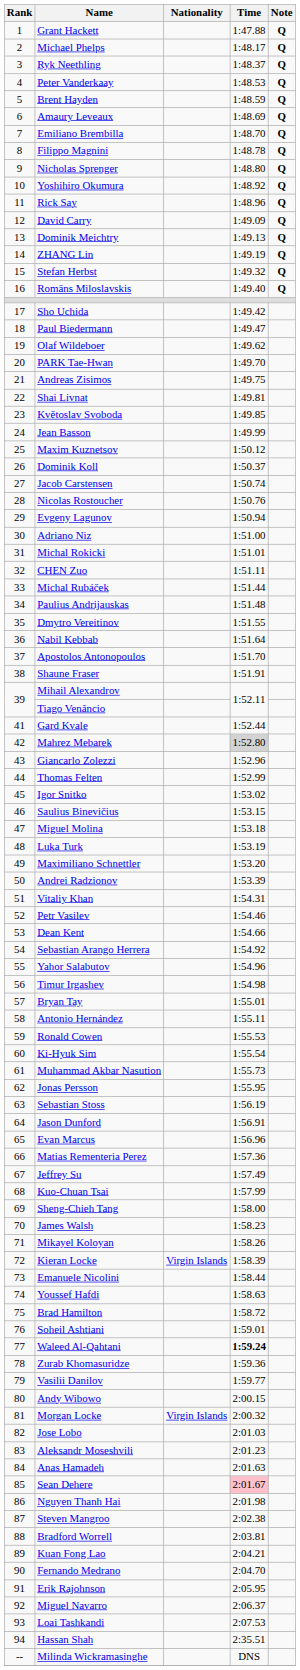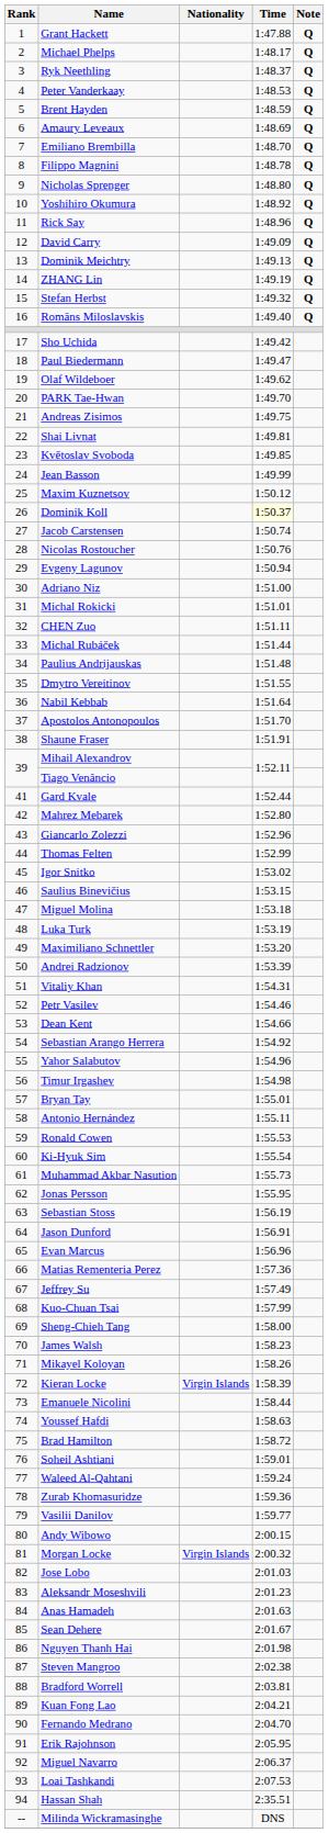 <table class="wikitable" style="text-align:center">
 <tr>
 <th>Rank</th>
 <th>Name</th>
 <th>Nationality</th>
 <th>Time</th>
 <th>Note</th>
 </tr>
 <tr>
 <td>1</td>
 <td align=left><a href='#'>Grant Hackett</a></td>
 <td align=left></td>
 <td>1:47.88</td>
 <td><strong>Q</strong></td>
 </tr>
 <tr>
 <td>2</td>
 <td align=left><a href='#'>Michael Phelps</a></td>
 <td align=left></td>
 <td>1:48.17</td>
 <td><strong>Q</strong></td>
 </tr>
 <tr>
 <td>3</td>
 <td align=left><a href='#'>Ryk Neethling</a></td>
 <td align=left></td>
 <td>1:48.37</td>
 <td><strong>Q</strong></td>
 </tr>
 <tr>
 <td>4</td>
 <td align=left><a href='#'>Peter Vanderkaay</a></td>
 <td align=left></td>
 <td>1:48.53</td>
 <td><strong>Q</strong></td>
 </tr>
 <tr>
 <td>5</td>
 <td align=left><a href='#'>Brent Hayden</a></td>
 <td align=left></td>
 <td>1:48.59</td>
 <td><strong>Q</strong></td>
 </tr>
 <tr>
 <td>6</td>
 <td align=left><a href='#'>Amaury Leveaux</a></td>
 <td align=left></td>
 <td>1:48.69</td>
 <td><strong>Q</strong></td>
 </tr>
 <tr>
 <td>7</td>
 <td align=left><a href='#'>Emiliano Brembilla</a></td>
 <td align=left></td>
 <td>1:48.70</td>
 <td><strong>Q</strong></td>
 </tr>
 <tr>
 <td>8</td>
 <td align=left><a href='#'>Filippo Magnini</a></td>
 <td align=left></td>
 <td>1:48.78</td>
 <td><strong>Q</strong></td>
 </tr>
 <tr>
 <td>9</td>
 <td align=left><a href='#'>Nicholas Sprenger</a></td>
 <td align=left></td>
 <td>1:48.80</td>
 <td><strong>Q</strong></td>
 </tr>
 <tr>
 <td>10</td>
 <td align=left><a href='#'>Yoshihiro Okumura</a></td>
 <td align=left></td>
 <td>1:48.92</td>
 <td><strong>Q</strong></td>
 </tr>
 <tr>
 <td>11</td>
 <td align=left><a href='#'>Rick Say</a></td>
 <td align=left></td>
 <td>1:48.96</td>
 <td><strong>Q</strong></td>
 </tr>
 <tr>
 <td>12</td>
 <td align=left><a href='#'>David Carry</a></td>
 <td align=left></td>
 <td>1:49.09</td>
 <td><strong>Q</strong></td>
 </tr>
 <tr>
 <td>13</td>
 <td align=left><a href='#'>Dominik Meichtry</a></td>
 <td align=left></td>
 <td>1:49.13</td>
 <td><strong>Q</strong></td>
 </tr>
 <tr>
 <td>14</td>
 <td align=left><a href='#'>ZHANG Lin</a></td>
 <td align=left></td>
 <td>1:49.19</td>
 <td><strong>Q</strong></td>
 </tr>
 <tr>
 <td>15</td>
 <td align=left><a href='#'>Stefan Herbst</a></td>
 <td align=left></td>
 <td>1:49.32</td>
 <td><strong>Q</strong></td>
 </tr>
 <tr>
 <td>16</td>
 <td align=left><a href='#'>Romāns Miloslavskis</a></td>
 <td align=left></td>
 <td>1:49.40</td>
 <td><strong>Q</strong></td>
 </tr>
 <tr bgcolor=#DDDDDD>
 <td colspan=5></td>
 </tr>
 <tr>
 <td>17</td>
 <td align=left><a href='#'>Sho Uchida</a></td>
 <td align=left></td>
 <td>1:49.42</td>
 <td></td>
 </tr>
 <tr>
 <td>18</td>
 <td align=left><a href='#'>Paul Biedermann</a></td>
 <td align=left></td>
 <td>1:49.47</td>
 <td></td>
 </tr>
 <tr>
 <td>19</td>
 <td align=left><a href='#'>Olaf Wildeboer</a></td>
 <td align=left></td>
 <td>1:49.62</td>
 <td></td>
 </tr>
 <tr>
 <td>20</td>
 <td align=left><a href='#'>PARK Tae-Hwan</a></td>
 <td align=left></td>
 <td>1:49.70</td>
 <td></td>
 </tr>
 <tr>
 <td>21</td>
 <td align=left><a href='#'>Andreas Zisimos</a></td>
 <td align=left></td>
 <td>1:49.75</td>
 <td></td>
 </tr>
 <tr>
 <td>22</td>
 <td align=left><a href='#'>Shai Livnat</a></td>
 <td align=left></td>
 <td>1:49.81</td>
 <td></td>
 </tr>
 <tr>
 <td>23</td>
 <td align=left><a href='#'>Květoslav Svoboda</a></td>
 <td align=left></td>
 <td>1:49.85</td>
 <td></td>
 </tr>
 <tr>
 <td>24</td>
 <td align=left><a href='#'>Jean Basson</a></td>
 <td align=left></td>
 <td>1:49.99</td>
 <td></td>
 </tr>
 <tr>
 <td>25</td>
 <td align=left><a href='#'>Maxim Kuznetsov</a></td>
 <td align=left></td>
 <td>1:50.12</td>
 <td></td>
 </tr>
 <tr>
 <td>26</td>
 <td align=left><a href='#'>Dominik Koll</a></td>
 <td align=left></td>
-<td>1:50.37</td>
+<td style="background: lightyellow;">1:50.37</td>
 <td></td>
 </tr>
 <tr>
 <td>27</td>
 <td align=left><a href='#'>Jacob Carstensen</a></td>
 <td align=left></td>
 <td>1:50.74</td>
 <td></td>
 </tr>
 <tr>
 <td>28</td>
 <td align=left><a href='#'>Nicolas Rostoucher</a></td>
 <td align=left></td>
 <td>1:50.76</td>
 <td></td>
 </tr>
 <tr>
 <td>29</td>
 <td align=left><a href='#'>Evgeny Lagunov</a></td>
 <td align=left></td>
 <td>1:50.94</td>
 <td></td>
 </tr>
 <tr>
 <td>30</td>
 <td align=left><a href='#'>Adriano Niz</a></td>
 <td align=left></td>
 <td>1:51.00</td>
 <td></td>
 </tr>
 <tr>
 <td>31</td>
 <td align=left><a href='#'>Michal Rokicki</a></td>
 <td align=left></td>
 <td>1:51.01</td>
 <td></td>
 </tr>
 <tr>
 <td>32</td>
 <td align=left><a href='#'>CHEN Zuo</a></td>
 <td align=left></td>
 <td>1:51.11</td>
 <td></td>
 </tr>
 <tr>
 <td>33</td>
 <td align=left><a href='#'>Michal Rubáček</a></td>
 <td align=left></td>
 <td>1:51.44</td>
 <td></td>
 </tr>
 <tr>
 <td>34</td>
 <td align=left><a href='#'>Paulius Andrijauskas</a></td>
 <td align=left></td>
 <td>1:51.48</td>
 <td></td>
 </tr>
 <tr>
 <td>35</td>
 <td align=left><a href='#'>Dmytro Vereitinov</a></td>
 <td align=left></td>
 <td>1:51.55</td>
 <td></td>
 </tr>
 <tr>
 <td>36</td>
 <td align=left><a href='#'>Nabil Kebbab</a></td>
 <td align=left></td>
 <td>1:51.64</td>
 <td></td>
 </tr>
 <tr>
 <td>37</td>
 <td align=left><a href='#'>Apostolos Antonopoulos</a></td>
 <td align=left></td>
 <td>1:51.70</td>
 <td></td>
 </tr>
 <tr>
 <td>38</td>
 <td align=left><a href='#'>Shaune Fraser</a></td>
 <td align=left></td>
 <td>1:51.91</td>
 <td></td>
 </tr>
 <tr>
 <td rowspan=2>39</td>
 <td align=left><a href='#'>Mihail Alexandrov</a></td>
 <td align=left></td>
 <td rowspan=2>1:52.11</td>
 <td></td>
 </tr>
 <tr>
 <td align=left><a href='#'>Tiago Venâncio</a></td>
 <td align=left></td>
 <td></td>
 </tr>
 <tr>
 <td>41</td>
 <td align=left><a href='#'>Gard Kvale</a></td>
 <td align=left></td>
 <td>1:52.44</td>
 <td></td>
 </tr>
 <tr>
 <td>42</td>
 <td align=left><a href='#'>Mahrez Mebarek</a></td>
 <td align=left></td>
-<td style="background: lightgrey;">1:52.80</td>
+<td>1:52.80</td>
 <td></td>
 </tr>
 <tr>
 <td>43</td>
 <td align=left><a href='#'>Giancarlo Zolezzi</a></td>
 <td align=left></td>
 <td>1:52.96</td>
 <td></td>
 </tr>
 <tr>
 <td>44</td>
 <td align=left><a href='#'>Thomas Felten</a></td>
 <td align=left></td>
 <td>1:52.99</td>
 <td></td>
 </tr>
 <tr>
 <td>45</td>
 <td align=left><a href='#'>Igor Snitko</a></td>
 <td align=left></td>
 <td>1:53.02</td>
 <td></td>
 </tr>
 <tr>
 <td>46</td>
 <td align=left><a href='#'>Saulius Binevičius</a></td>
 <td align=left></td>
 <td>1:53.15</td>
 <td></td>
 </tr>
 <tr>
 <td>47</td>
 <td align=left><a href='#'>Miguel Molina</a></td>
 <td align=left></td>
 <td>1:53.18</td>
 <td></td>
 </tr>
 <tr>
 <td>48</td>
 <td align=left><a href='#'>Luka Turk</a></td>
 <td align=left></td>
 <td>1:53.19</td>
 <td></td>
 </tr>
 <tr>
 <td>49</td>
 <td align=left><a href='#'>Maximiliano Schnettler</a></td>
 <td align=left></td>
 <td>1:53.20</td>
 <td></td>
 </tr>
 <tr>
 <td>50</td>
 <td align=left><a href='#'>Andrei Radzionov</a></td>
 <td align=left></td>
 <td>1:53.39</td>
 <td></td>
 </tr>
 <tr>
 <td>51</td>
 <td align=left><a href='#'>Vitaliy Khan</a></td>
 <td align=left></td>
 <td>1:54.31</td>
 <td></td>
 </tr>
 <tr>
 <td>52</td>
 <td align=left><a href='#'>Petr Vasilev</a></td>
 <td align=left></td>
 <td>1:54.46</td>
 <td></td>
 </tr>
 <tr>
 <td>53</td>
 <td align=left><a href='#'>Dean Kent</a></td>
 <td align=left></td>
 <td>1:54.66</td>
 <td></td>
 </tr>
 <tr>
 <td>54</td>
 <td align=left><a href='#'>Sebastian Arango Herrera</a></td>
 <td align=left></td>
 <td>1:54.92</td>
 <td></td>
 </tr>
 <tr>
 <td>55</td>
 <td align=left><a href='#'>Yahor Salabutov</a></td>
 <td align=left></td>
 <td>1:54.96</td>
 <td></td>
 </tr>
 <tr>
 <td>56</td>
 <td align=left><a href='#'>Timur Irgashev</a></td>
 <td align=left></td>
 <td>1:54.98</td>
 <td></td>
 </tr>
 <tr>
 <td>57</td>
 <td align=left><a href='#'>Bryan Tay</a></td>
 <td align=left></td>
 <td>1:55.01</td>
 <td></td>
 </tr>
 <tr>
 <td>58</td>
 <td align=left><a href='#'>Antonio Hernández</a></td>
 <td align=left></td>
 <td>1:55.11</td>
 <td></td>
 </tr>
 <tr>
 <td>59</td>
 <td align=left><a href='#'>Ronald Cowen</a></td>
 <td align=left></td>
 <td>1:55.53</td>
 <td></td>
 </tr>
 <tr>
 <td>60</td>
 <td align=left><a href='#'>Ki-Hyuk Sim</a></td>
 <td align=left></td>
 <td>1:55.54</td>
 <td></td>
 </tr>
 <tr>
 <td>61</td>
 <td align=left><a href='#'>Muhammad Akbar Nasution</a></td>
 <td align=left></td>
 <td>1:55.73</td>
 <td></td>
 </tr>
 <tr>
 <td>62</td>
 <td align=left><a href='#'>Jonas Persson</a></td>
 <td align=left></td>
 <td>1:55.95</td>
 <td></td>
 </tr>
 <tr>
 <td>63</td>
 <td align=left><a href='#'>Sebastian Stoss</a></td>
 <td align=left></td>
 <td>1:56.19</td>
 <td></td>
 </tr>
 <tr>
 <td>64</td>
 <td align=left><a href='#'>Jason Dunford</a></td>
 <td align=left></td>
 <td>1:56.91</td>
 <td></td>
 </tr>
 <tr>
 <td>65</td>
 <td align=left><a href='#'>Evan Marcus</a></td>
 <td align=left></td>
 <td>1:56.96</td>
 <td></td>
 </tr>
 <tr>
 <td>66</td>
 <td align=left><a href='#'>Matias Rementeria Perez</a></td>
 <td align=left></td>
 <td>1:57.36</td>
 <td></td>
 </tr>
 <tr>
 <td>67</td>
 <td align=left><a href='#'>Jeffrey Su</a></td>
 <td align=left></td>
 <td>1:57.49</td>
 <td></td>
 </tr>
 <tr>
 <td>68</td>
 <td align=left><a href='#'>Kuo-Chuan Tsai</a></td>
 <td align=left></td>
 <td>1:57.99</td>
 <td></td>
 </tr>
 <tr>
 <td>69</td>
 <td align=left><a href='#'>Sheng-Chieh Tang</a></td>
 <td align=left></td>
 <td>1:58.00</td>
 <td></td>
 </tr>
 <tr>
 <td>70</td>
 <td align=left><a href='#'>James Walsh</a></td>
 <td align=left></td>
 <td>1:58.23</td>
 <td></td>
 </tr>
 <tr>
 <td>71</td>
 <td align=left><a href='#'>Mikayel Koloyan</a></td>
 <td align=left></td>
 <td>1:58.26</td>
 <td></td>
 </tr>
 <tr>
 <td>72</td>
 <td align=left><a href='#'>Kieran Locke</a></td>
 <td align=left> <a href='#'>Virgin Islands</a></td>
 <td>1:58.39</td>
 <td></td>
 </tr>
 <tr>
 <td>73</td>
 <td align=left><a href='#'>Emanuele Nicolini</a></td>
 <td align=left></td>
 <td>1:58.44</td>
 <td></td>
 </tr>
 <tr>
 <td>74</td>
 <td align=left><a href='#'>Youssef Hafdi</a></td>
 <td align=left></td>
 <td>1:58.63</td>
 <td></td>
 </tr>
 <tr>
 <td>75</td>
 <td align=left><a href='#'>Brad Hamilton</a></td>
 <td align=left></td>
 <td>1:58.72</td>
 <td></td>
 </tr>
 <tr>
 <td>76</td>
 <td align=left><a href='#'>Soheil Ashtiani</a></td>
 <td align=left></td>
 <td>1:59.01</td>
 <td></td>
 </tr>
 <tr>
 <td>77</td>
 <td align=left><a href='#'>Waleed Al-Qahtani</a></td>
 <td align=left></td>
-<td><strong>1:59.24</strong></td>
+<td>1:59.24</td>
 <td></td>
 </tr>
 <tr>
 <td>78</td>
 <td align=left><a href='#'>Zurab Khomasuridze</a></td>
 <td align=left></td>
 <td>1:59.36</td>
 <td></td>
 </tr>
 <tr>
 <td>79</td>
 <td align=left><a href='#'>Vasilii Danilov</a></td>
 <td align=left></td>
 <td>1:59.77</td>
 <td></td>
 </tr>
 <tr>
 <td>80</td>
 <td align=left><a href='#'>Andy Wibowo</a></td>
 <td align=left></td>
 <td>2:00.15</td>
 <td></td>
 </tr>
 <tr>
 <td>81</td>
 <td align=left><a href='#'>Morgan Locke</a></td>
 <td align=left> <a href='#'>Virgin Islands</a></td>
 <td>2:00.32</td>
 <td></td>
 </tr>
 <tr>
 <td>82</td>
 <td align=left><a href='#'>Jose Lobo</a></td>
 <td align=left></td>
 <td>2:01.03</td>
 <td></td>
 </tr>
 <tr>
 <td>83</td>
 <td align=left><a href='#'>Aleksandr Moseshvili</a></td>
 <td align=left></td>
 <td>2:01.23</td>
 <td></td>
 </tr>
 <tr>
 <td>84</td>
 <td align=left><a href='#'>Anas Hamadeh</a></td>
 <td align=left></td>
 <td>2:01.63</td>
 <td></td>
 </tr>
 <tr>
 <td>85</td>
 <td align=left><a href='#'>Sean Dehere</a></td>
 <td align=left></td>
-<td style="background: pink;">2:01.67</td>
+<td>2:01.67</td>
 <td></td>
 </tr>
 <tr>
 <td>86</td>
 <td align=left><a href='#'>Nguyen Thanh Hai</a></td>
 <td align=left></td>
 <td>2:01.98</td>
 <td></td>
 </tr>
 <tr>
 <td>87</td>
 <td align=left><a href='#'>Steven Mangroo</a></td>
 <td align=left></td>
 <td>2:02.38</td>
 <td></td>
 </tr>
 <tr>
 <td>88</td>
 <td align=left><a href='#'>Bradford Worrell</a></td>
 <td align=left></td>
 <td>2:03.81</td>
 <td></td>
 </tr>
 <tr>
 <td>89</td>
 <td align=left><a href='#'>Kuan Fong Lao</a></td>
 <td align=left></td>
 <td>2:04.21</td>
 <td></td>
 </tr>
 <tr>
 <td>90</td>
 <td align=left><a href='#'>Fernando Medrano</a></td>
 <td align=left></td>
 <td>2:04.70</td>
 <td></td>
 </tr>
 <tr>
 <td>91</td>
 <td align=left><a href='#'>Erik Rajohnson</a></td>
 <td align=left></td>
 <td>2:05.95</td>
 <td></td>
 </tr>
 <tr>
 <td>92</td>
 <td align=left><a href='#'>Miguel Navarro</a></td>
 <td align=left></td>
 <td>2:06.37</td>
 <td></td>
 </tr>
 <tr>
 <td>93</td>
 <td align=left><a href='#'>Loai Tashkandi</a></td>
 <td align=left></td>
 <td>2:07.53</td>
 <td></td>
 </tr>
 <tr>
 <td>94</td>
 <td align=left><a href='#'>Hassan Shah</a></td>
 <td align=left></td>
 <td>2:35.51</td>
 <td></td>
 </tr>
 <tr>
 <td>--</td>
 <td align=left><a href='#'>Milinda Wickramasinghe</a></td>
 <td align=left></td>
 <td>DNS</td>
 <td></td>
 </tr>
 <tr>
 </tr>
 </table>
